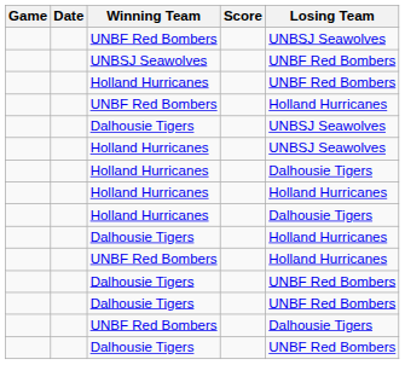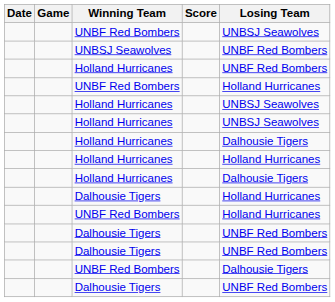 <table class="wikitable sortable">
 <tr>
+<th>Date</th>
 <th>Game</th>
-<th>Date</th>
 <th>Winning Team</th>
 <th>Score</th>
 <th>Losing Team</th>
 </tr>
 <tr>
 <td></td>
 <td></td>
 <td><a href='#'>UNBF Red Bombers</a></td>
 <td align=center></td>
 <td><a href='#'>UNBSJ Seawolves</a></td>
 </tr>
 <tr>
 <td></td>
 <td></td>
 <td><a href='#'>UNBSJ Seawolves</a></td>
 <td align=center></td>
 <td><a href='#'>UNBF Red Bombers</a></td>
 </tr>
 <tr>
 <td></td>
 <td></td>
 <td><a href='#'>Holland Hurricanes</a></td>
 <td align=center></td>
 <td><a href='#'>UNBF Red Bombers</a></td>
 </tr>
 <tr>
 <td></td>
 <td></td>
 <td><a href='#'>UNBF Red Bombers</a></td>
 <td align=center></td>
 <td><a href='#'>Holland Hurricanes</a></td>
 </tr>
 <tr>
 <td></td>
 <td></td>
-<td><a href='#'>Dalhousie Tigers</a></td>
+<td><a href='#'>Holland Hurricanes</a></td>
 <td align=center></td>
 <td><a href='#'>UNBSJ Seawolves</a></td>
 </tr>
 <tr>
 <td></td>
 <td></td>
 <td><a href='#'>Holland Hurricanes</a></td>
 <td align=center></td>
 <td><a href='#'>UNBSJ Seawolves</a></td>
 </tr>
 <tr>
 <td></td>
 <td></td>
 <td><a href='#'>Holland Hurricanes</a></td>
 <td align=center></td>
 <td><a href='#'>Dalhousie Tigers</a></td>
 </tr>
 <tr>
 <td></td>
 <td></td>
 <td><a href='#'>Holland Hurricanes</a></td>
 <td align=center></td>
 <td><a href='#'>Holland Hurricanes</a></td>
 </tr>
 <tr>
 <td></td>
 <td></td>
 <td><a href='#'>Holland Hurricanes</a></td>
 <td align=center></td>
 <td><a href='#'>Dalhousie Tigers</a></td>
 </tr>
 <tr>
 <td></td>
 <td></td>
 <td><a href='#'>Dalhousie Tigers</a></td>
 <td align=center></td>
 <td><a href='#'>Holland Hurricanes</a></td>
 </tr>
 <tr>
 <td></td>
 <td></td>
 <td><a href='#'>UNBF Red Bombers</a></td>
 <td align=center></td>
 <td><a href='#'>Holland Hurricanes</a></td>
 </tr>
 <tr>
 <td></td>
 <td></td>
 <td><a href='#'>Dalhousie Tigers</a></td>
 <td align=center></td>
 <td><a href='#'>UNBF Red Bombers</a></td>
 </tr>
 <tr>
 <td></td>
 <td></td>
 <td><a href='#'>Dalhousie Tigers</a></td>
 <td align=center></td>
 <td><a href='#'>UNBF Red Bombers</a></td>
 </tr>
 <tr>
 <td></td>
 <td></td>
 <td><a href='#'>UNBF Red Bombers</a></td>
 <td align=center></td>
 <td><a href='#'>Dalhousie Tigers</a></td>
 </tr>
 <tr>
 <td></td>
 <td></td>
 <td><a href='#'>Dalhousie Tigers</a></td>
 <td align=center></td>
 <td><a href='#'>UNBF Red Bombers</a></td>
 </tr>
 </table>
